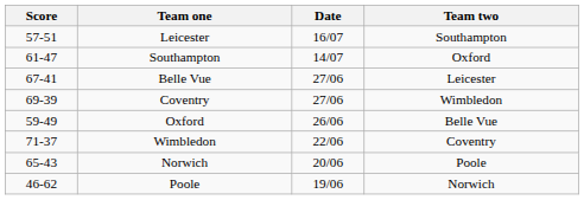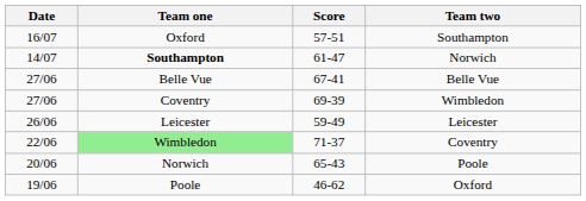 <table class="wikitable" style="text-align: center">
 <tr>
+<th width=80>Date</th>
+<th width=250>Team one</th>
 <th width=80>Score</th>
-<th width=250>Team one</th>
-<th width=80>Date</th>
 <th width=250>Team two</th>
 </tr>
 <tr>
+<td>16/07</td>
+<td>Oxford</td>
 <td>57-51</td>
-<td>Leicester</td>
-<td>16/07</td>
 <td>Southampton</td>
 </tr>
 <tr>
+<td>14/07</td>
+<td><strong>Southampton</strong></td>
 <td>61-47</td>
-<td>Southampton</td>
-<td>14/07</td>
-<td>Oxford</td>
+<td>Norwich</td>
 </tr>
 <tr>
+<td>27/06</td>
+<td>Belle Vue</td>
 <td>67-41</td>
 <td>Belle Vue</td>
+</tr>
+<tr>
 <td>27/06</td>
+<td>Coventry</td>
+<td>69-39</td>
+<td>Wimbledon</td>
+</tr>
+<tr>
+<td>26/06</td>
+<td>Leicester</td>
+<td>59-49</td>
 <td>Leicester</td>
 </tr>
 <tr>
-<td>69-39</td>
-<td>Coventry</td>
-<td>27/06</td>
-<td>Wimbledon</td>
-</tr>
-<tr>
-<td>59-49</td>
-<td>Oxford</td>
-<td>26/06</td>
-<td>Belle Vue</td>
-</tr>
-<tr>
+<td>22/06</td>
+<td style="background: lightgreen;">Wimbledon</td>
 <td>71-37</td>
-<td>Wimbledon</td>
-<td>22/06</td>
 <td>Coventry</td>
 </tr>
 <tr>
+<td>20/06</td>
+<td>Norwich</td>
 <td>65-43</td>
-<td>Norwich</td>
-<td>20/06</td>
 <td>Poole</td>
 </tr>
 <tr>
+<td>19/06</td>
+<td>Poole</td>
 <td>46-62</td>
-<td>Poole</td>
-<td>19/06</td>
-<td>Norwich</td>
+<td>Oxford</td>
 </tr>
 </table>
